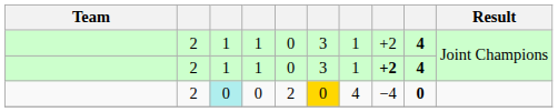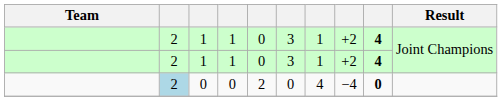 <table class="wikitable" style="text-align:center;">
 <tr>
 <th width=165>Team</th>
 <th width=25></th>
 <th width=25></th>
 <th width=25></th>
 <th width=25></th>
 <th width=25></th>
 <th width=25></th>
 <th width=25></th>
 <th width=25></th>
 <th>Result</th>
 </tr>
 <tr bgcolor="#ccffcc">
 <td style="text-align:left;"></td>
 <td>2</td>
 <td>1</td>
 <td>1</td>
 <td>0</td>
 <td>3</td>
 <td>1</td>
 <td>+2</td>
 <td><strong>4</strong></td>
 <td rowspan="2">Joint Champions</td>
 </tr>
 <tr bgcolor="#ccffcc">
 <td style="text-align:left;"></td>
 <td>2</td>
 <td>1</td>
 <td>1</td>
 <td>0</td>
 <td>3</td>
 <td>1</td>
-<td><strong>+2</strong></td>
+<td>+2</td>
 <td><strong>4</strong></td>
 </tr>
 <tr>
 <td style="text-align:left;"></td>
-<td>2</td>
-<td style="background: paleturquoise;">0</td>
+<td style="background: lightblue;">2</td>
+<td>0</td>
 <td>0</td>
 <td>2</td>
-<td style="background: gold;">0</td>
+<td>0</td>
 <td>4</td>
 <td>−4</td>
 <td><strong>0</strong></td>
 <td></td>
 </tr>
 <tr>
 </tr>
 </table>
